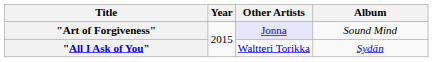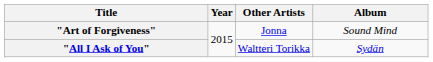 <table class="wikitable plainrowheaders" style="text-align:center;">
 <tr>
 <th scope="col" style="width:18em;">Title</th>
 <th scope="col" style="width:1em;">Year</th>
 <th scope="col">Other Artists</th>
 <th scope="col" style="width:10em;">Album</th>
 </tr>
 <tr>
 <th scope="row">"Art of Forgiveness"</th>
 <td rowspan=2>2015</td>
-<td style="background: lavender;"><a href='#'>Jonna</a></td>
+<td><a href='#'>Jonna</a></td>
 <td><em>Sound Mind</em></td>
 </tr>
 <tr>
 <th scope="row">"<a href='#'>All I Ask of You</a>"</th>
 <td><a href='#'>Waltteri Torikka</a></td>
 <td><em><a href='#'>Sydän</a></em></td>
 </tr>
 </table>
